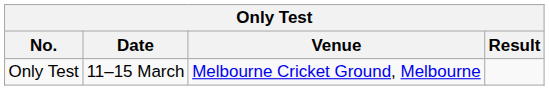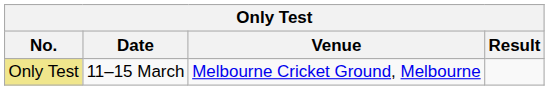 <table class="wikitable">
 <tr>
 <th colspan="4">Only Test</th>
 </tr>
 <tr>
 <th>No.</th>
 <th>Date</th>
 <th>Venue</th>
 <th>Result</th>
 </tr>
 <tr>
-<td>Only Test</td>
+<td style="background: khaki;">Only Test</td>
 <td>11–15 March</td>
 <td><a href='#'>Melbourne Cricket Ground</a>, <a href='#'>Melbourne</a></td>
 <td></td>
 </tr>
 </table>
